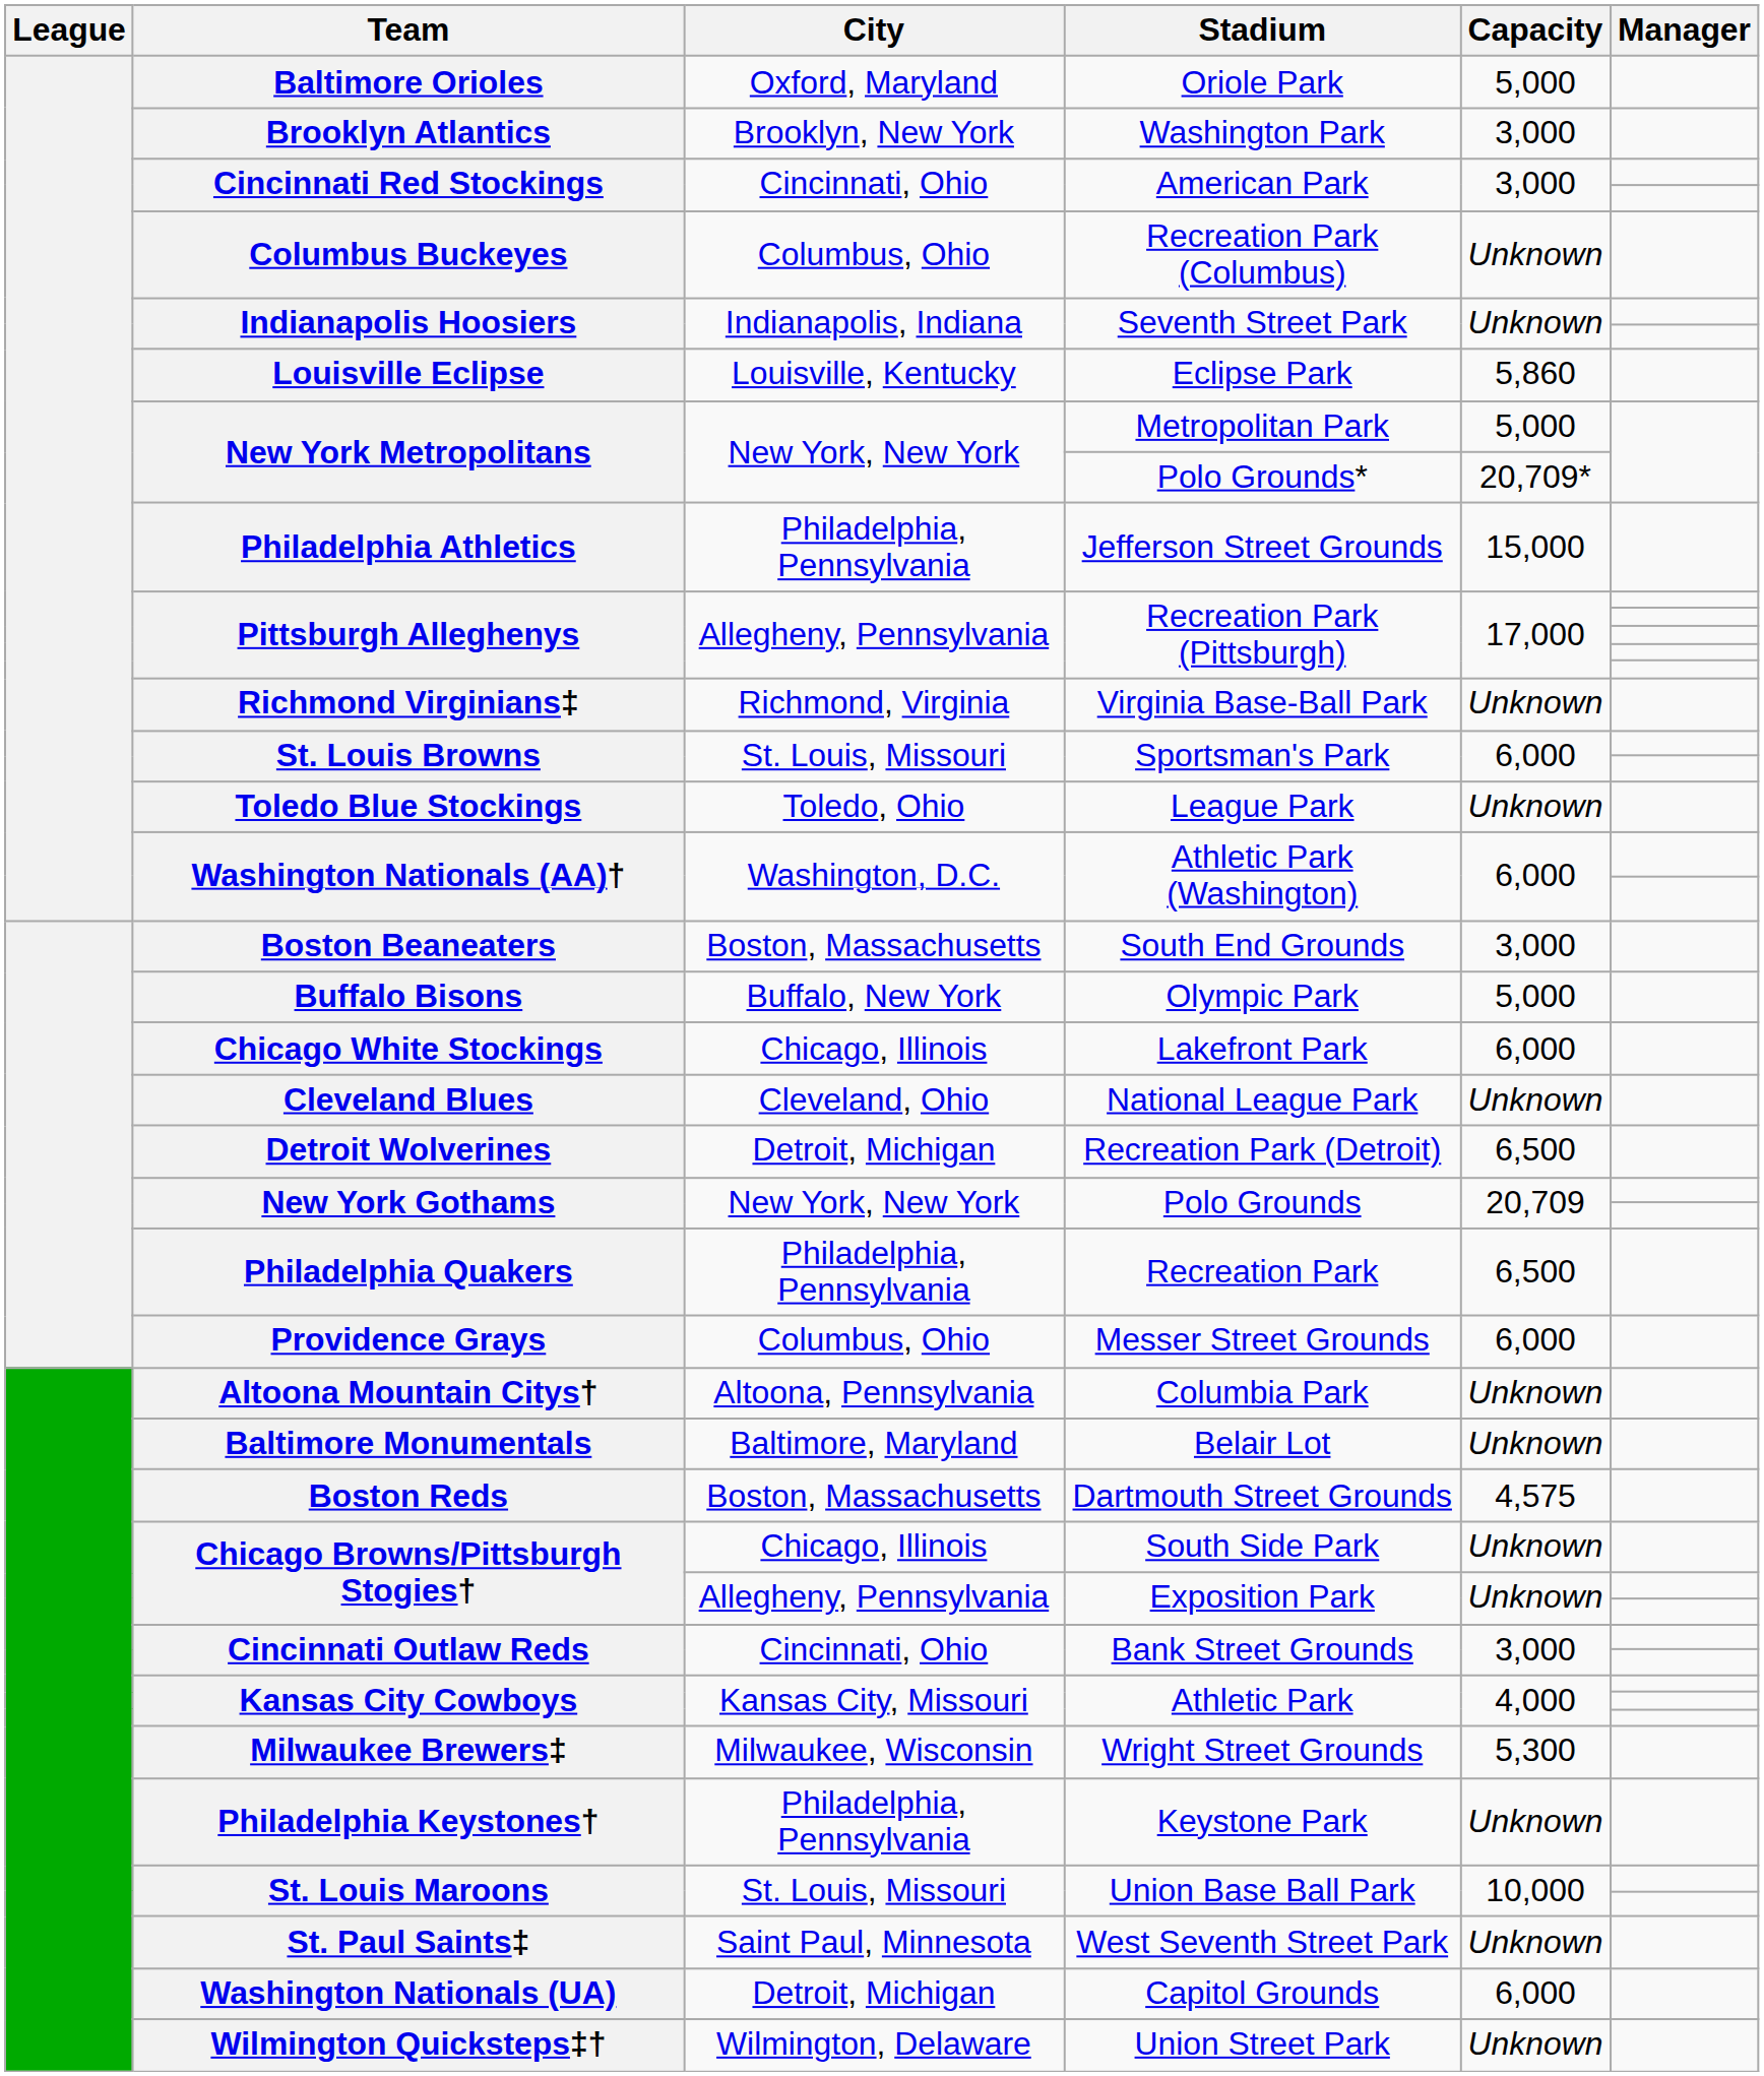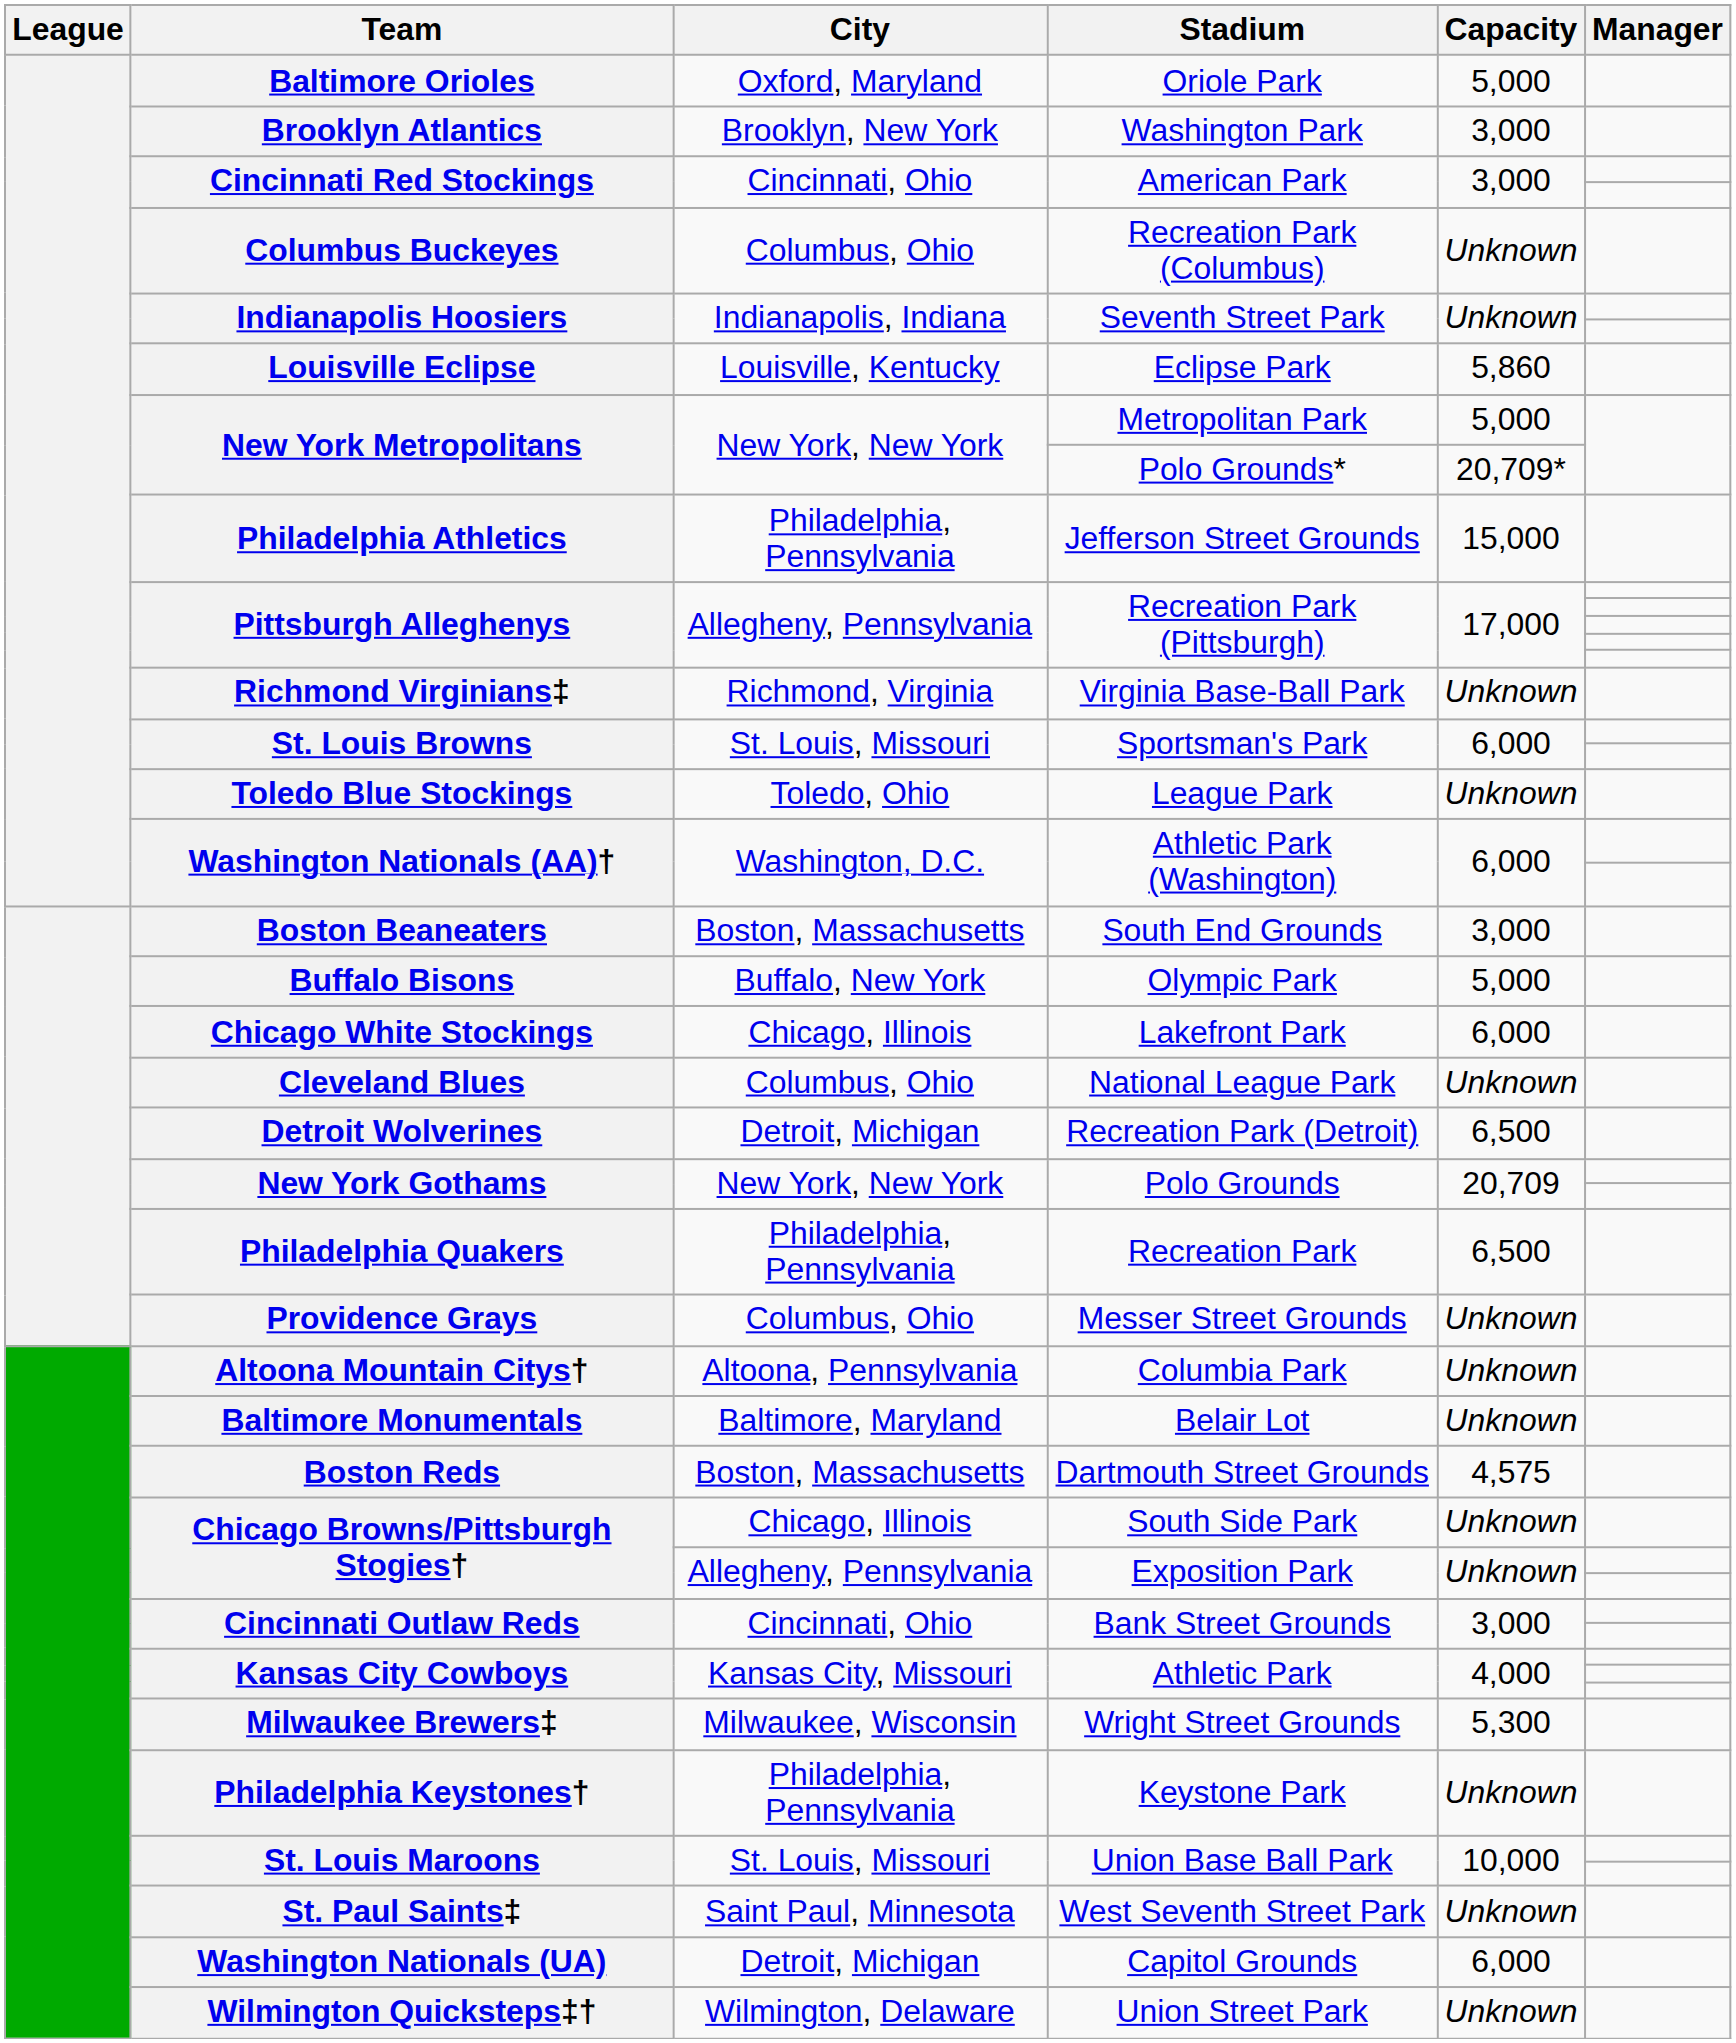 <table class="wikitable sortable plainrowheaders" style="text-align:center;">
 <tr>
 <th scope="col">League</th>
 <th scope="col">Team</th>
 <th scope="col">City</th>
 <th scope="col">Stadium</th>
 <th scope="col">Capacity</th>
 <th scope="col">Manager</th>
 </tr>
 <tr>
 <th rowspan="22"></th>
 <th scope="row"><a href='#'>Baltimore Orioles</a></th>
 <td><a href='#'>Oxford</a>, <a href='#'>Maryland</a></td>
 <td><a href='#'>Oriole Park</a></td>
 <td>5,000</td>
 <td></td>
 </tr>
 <tr>
 <th scope="row"><a href='#'>Brooklyn Atlantics</a></th>
 <td><a href='#'>Brooklyn</a>, <a href='#'>New York</a></td>
 <td><a href='#'>Washington Park</a></td>
 <td>3,000</td>
 <td></td>
 </tr>
 <tr>
 <th rowspan="2" scope="row"><a href='#'>Cincinnati Red Stockings</a></th>
 <td rowspan="2"><a href='#'>Cincinnati</a>, <a href='#'>Ohio</a></td>
 <td rowspan="2"><a href='#'>American Park</a></td>
 <td rowspan="2">3,000</td>
 <td></td>
 </tr>
 <tr>
 <td></td>
 </tr>
 <tr>
 <th scope="row"><a href='#'>Columbus Buckeyes</a></th>
 <td><a href='#'>Columbus</a>, <a href='#'>Ohio</a></td>
 <td><a href='#'>Recreation Park (Columbus)</a></td>
 <td><em>Unknown</em></td>
 <td></td>
 </tr>
 <tr>
 <th rowspan="2" scope="row"><a href='#'>Indianapolis Hoosiers</a></th>
 <td rowspan="2"><a href='#'>Indianapolis</a>, <a href='#'>Indiana</a></td>
 <td rowspan="2"><a href='#'>Seventh Street Park</a></td>
 <td rowspan="2"><em>Unknown</em></td>
 <td></td>
 </tr>
 <tr>
 <td></td>
 </tr>
 <tr>
 <th scope="row"><a href='#'>Louisville Eclipse</a></th>
 <td><a href='#'>Louisville</a>, <a href='#'>Kentucky</a></td>
 <td><a href='#'>Eclipse Park</a></td>
 <td>5,860</td>
 <td></td>
 </tr>
 <tr>
 <th rowspan="2" scope="row"><a href='#'>New York Metropolitans</a></th>
 <td rowspan="2"><a href='#'>New York</a>, <a href='#'>New York</a></td>
 <td><a href='#'>Metropolitan Park</a></td>
 <td>5,000</td>
 <td rowspan="2"></td>
 </tr>
 <tr>
 <td><a href='#'>Polo Grounds</a>*</td>
 <td>20,709*</td>
 </tr>
 <tr>
 <th scope="row"><a href='#'>Philadelphia Athletics</a></th>
 <td><a href='#'>Philadelphia</a>, <a href='#'>Pennsylvania</a></td>
 <td><a href='#'>Jefferson Street Grounds</a></td>
 <td>15,000</td>
 <td></td>
 </tr>
 <tr>
 <th rowspan="5" scope="row"><a href='#'>Pittsburgh Alleghenys</a></th>
 <td rowspan="5"><a href='#'>Allegheny</a>, <a href='#'>Pennsylvania</a></td>
 <td rowspan="5"><a href='#'>Recreation Park (Pittsburgh)</a></td>
 <td rowspan="5">17,000</td>
 <td></td>
 </tr>
 <tr>
 <td></td>
 </tr>
 <tr>
 <td></td>
 </tr>
 <tr>
 <td></td>
 </tr>
 <tr>
 <td></td>
 </tr>
 <tr>
 <th scope="row"><a href='#'>Richmond Virginians</a>‡</th>
 <td><a href='#'>Richmond</a>, <a href='#'>Virginia</a></td>
 <td><a href='#'>Virginia Base-Ball Park</a></td>
 <td><em>Unknown</em></td>
 <td></td>
 </tr>
 <tr>
 <th rowspan="2" scope="row"><a href='#'>St. Louis Browns</a></th>
 <td rowspan="2"><a href='#'>St. Louis</a>, <a href='#'>Missouri</a></td>
 <td rowspan="2"><a href='#'>Sportsman's Park</a></td>
 <td rowspan="2">6,000</td>
 <td></td>
 </tr>
 <tr>
 <td></td>
 </tr>
 <tr>
 <th scope="row"><a href='#'>Toledo Blue Stockings</a></th>
 <td><a href='#'>Toledo</a>, <a href='#'>Ohio</a></td>
 <td><a href='#'>League Park</a></td>
 <td><em>Unknown</em></td>
 <td></td>
 </tr>
 <tr>
 <th rowspan="2" scope="row"><a href='#'>Washington Nationals (AA)</a>†</th>
 <td rowspan="2"><a href='#'>Washington, D.C.</a></td>
 <td rowspan="2"><a href='#'>Athletic Park (Washington)</a></td>
 <td rowspan="2">6,000</td>
 <td></td>
 </tr>
 <tr>
 <td></td>
 </tr>
 <tr>
 <th rowspan="9"></th>
 <th scope="row"><a href='#'>Boston Beaneaters</a></th>
 <td><a href='#'>Boston</a>, <a href='#'>Massachusetts</a></td>
 <td><a href='#'>South End Grounds</a></td>
 <td>3,000</td>
 <td></td>
 </tr>
 <tr>
 <th scope="row"><a href='#'>Buffalo Bisons</a></th>
 <td><a href='#'>Buffalo</a>, <a href='#'>New York</a></td>
 <td><a href='#'>Olympic Park</a></td>
 <td>5,000</td>
 <td></td>
 </tr>
 <tr>
 <th scope="row"><a href='#'>Chicago White Stockings</a></th>
 <td><a href='#'>Chicago</a>, <a href='#'>Illinois</a></td>
 <td><a href='#'>Lakefront Park</a></td>
 <td>6,000</td>
 <td></td>
 </tr>
 <tr>
 <th scope="row"><a href='#'>Cleveland Blues</a></th>
-<td><a href='#'>Cleveland</a>, <a href='#'>Ohio</a></td>
+<td><a href='#'>Columbus</a>, <a href='#'>Ohio</a></td>
 <td><a href='#'>National League Park</a></td>
 <td><em>Unknown</em></td>
 <td></td>
 </tr>
 <tr>
 <th scope="row"><a href='#'>Detroit Wolverines</a></th>
 <td><a href='#'>Detroit</a>, <a href='#'>Michigan</a></td>
 <td><a href='#'>Recreation Park (Detroit)</a></td>
 <td>6,500</td>
 <td></td>
 </tr>
 <tr>
 <th rowspan="2" scope="row"><a href='#'>New York Gothams</a></th>
 <td rowspan="2"><a href='#'>New York</a>, <a href='#'>New York</a></td>
 <td rowspan="2"><a href='#'>Polo Grounds</a></td>
 <td rowspan="2">20,709</td>
 <td></td>
 </tr>
 <tr>
 <td></td>
 </tr>
 <tr>
 <th scope="row"><a href='#'>Philadelphia Quakers</a></th>
 <td><a href='#'>Philadelphia</a>, <a href='#'>Pennsylvania</a></td>
 <td><a href='#'>Recreation Park</a></td>
 <td>6,500</td>
 <td></td>
 </tr>
 <tr>
 <th scope="row"><a href='#'>Providence Grays</a></th>
 <td><a href='#'>Columbus</a>, <a href='#'>Ohio</a></td>
 <td><a href='#'>Messer Street Grounds</a></td>
-<td>6,000</td>
+<td><em>Unknown</em></td>
 <td></td>
 </tr>
 <tr>
 <th rowspan="21" style="background:#00AA00;"></th>
 <th scope="row"><a href='#'>Altoona Mountain Citys</a>†</th>
 <td><a href='#'>Altoona</a>, <a href='#'>Pennsylvania</a></td>
 <td><a href='#'>Columbia Park</a></td>
 <td><em>Unknown</em></td>
 <td></td>
 </tr>
 <tr>
 <th scope="row"><a href='#'>Baltimore Monumentals</a></th>
 <td><a href='#'>Baltimore</a>, <a href='#'>Maryland</a></td>
 <td><a href='#'>Belair Lot</a></td>
 <td><em>Unknown</em></td>
 <td></td>
 </tr>
 <tr>
 <th scope="row"><a href='#'>Boston Reds</a></th>
 <td><a href='#'>Boston</a>, <a href='#'>Massachusetts</a></td>
 <td><a href='#'>Dartmouth Street Grounds</a></td>
 <td>4,575</td>
 <td></td>
 </tr>
 <tr>
 <th rowspan="3" scope="row"><a href='#'>Chicago Browns/Pittsburgh Stogies</a>†</th>
 <td><a href='#'>Chicago</a>, <a href='#'>Illinois</a></td>
 <td><a href='#'>South Side Park</a></td>
 <td><em>Unknown</em></td>
 <td></td>
 </tr>
 <tr>
 <td rowspan="2"><a href='#'>Allegheny</a>, <a href='#'>Pennsylvania</a></td>
 <td rowspan="2"><a href='#'>Exposition Park</a></td>
 <td rowspan="2"><em>Unknown</em></td>
 <td></td>
 </tr>
 <tr>
 <td></td>
 </tr>
 <tr>
 <th rowspan="2" scope="row"><a href='#'>Cincinnati Outlaw Reds</a></th>
 <td rowspan="2"><a href='#'>Cincinnati</a>, <a href='#'>Ohio</a></td>
 <td rowspan="2"><a href='#'>Bank Street Grounds</a></td>
 <td rowspan="2">3,000</td>
 <td></td>
 </tr>
 <tr>
 <td></td>
 </tr>
 <tr>
 <th rowspan="3" scope="row"><a href='#'>Kansas City Cowboys</a></th>
 <td rowspan="3"><a href='#'>Kansas City</a>, <a href='#'>Missouri</a></td>
 <td rowspan="3"><a href='#'>Athletic Park</a></td>
 <td rowspan="3">4,000</td>
 <td></td>
 </tr>
 <tr>
 <td></td>
 </tr>
 <tr>
 <td></td>
 </tr>
 <tr>
 <th scope="row"><a href='#'>Milwaukee Brewers</a>‡</th>
 <td><a href='#'>Milwaukee</a>, <a href='#'>Wisconsin</a></td>
 <td><a href='#'>Wright Street Grounds</a></td>
 <td>5,300</td>
 <td></td>
 </tr>
 <tr>
 <th scope="row"><a href='#'>Philadelphia Keystones</a>†</th>
 <td><a href='#'>Philadelphia</a>, <a href='#'>Pennsylvania</a></td>
 <td><a href='#'>Keystone Park</a></td>
 <td><em>Unknown</em></td>
 <td></td>
 </tr>
 <tr>
 <th rowspan="2" scope="row"><a href='#'>St. Louis Maroons</a></th>
 <td rowspan="2"><a href='#'>St. Louis</a>, <a href='#'>Missouri</a></td>
 <td rowspan="2"><a href='#'>Union Base Ball Park</a></td>
 <td rowspan="2">10,000</td>
 <td></td>
 </tr>
 <tr>
 <td></td>
 </tr>
 <tr>
 <th scope="row"><a href='#'>St. Paul Saints</a>‡</th>
 <td><a href='#'>Saint Paul</a>, <a href='#'>Minnesota</a></td>
 <td><a href='#'>West Seventh Street Park</a></td>
 <td><em>Unknown</em></td>
 <td></td>
 </tr>
 <tr>
 <th scope="row"><a href='#'>Washington Nationals (UA)</a></th>
 <td><a href='#'>Detroit</a>, <a href='#'>Michigan</a></td>
 <td><a href='#'>Capitol Grounds</a></td>
 <td>6,000</td>
 <td></td>
 </tr>
 <tr>
 <th scope="row"><a href='#'>Wilmington Quicksteps</a>‡†</th>
 <td><a href='#'>Wilmington</a>, <a href='#'>Delaware</a></td>
 <td><a href='#'>Union Street Park</a></td>
 <td><em>Unknown</em></td>
 <td></td>
 </tr>
 </table>
